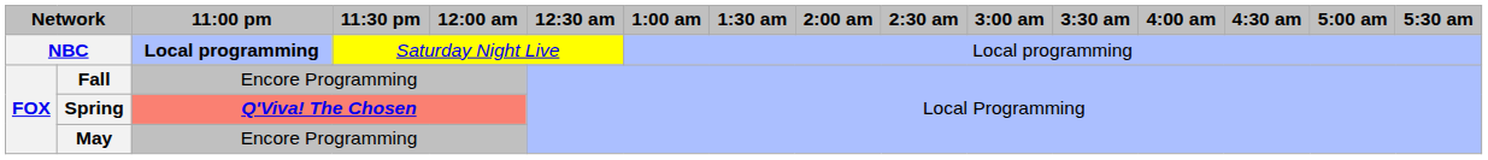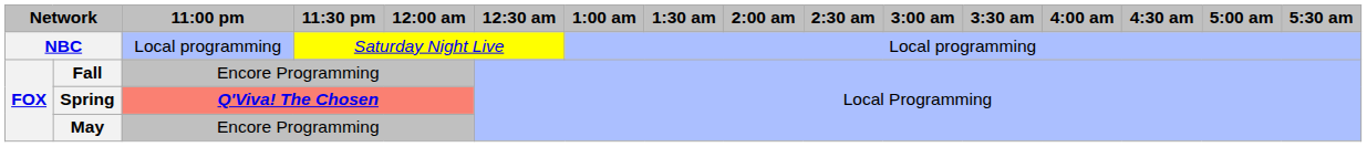 <table class="wikitable" style="width:100%;margin-right:0;text-align:center">
 <tr>
 <th style="background-color:#C0C0C0;text-align:center" colspan="2">Network</th>
 <th style="background-color:#C0C0C0;text-align:center">11:00 pm</th>
 <th style="background-color:#C0C0C0;text-align:center">11:30 pm</th>
 <th style="background-color:#C0C0C0;text-align:center">12:00 am</th>
 <th style="background-color:#C0C0C0;text-align:center">12:30 am</th>
 <th style="background-color:#C0C0C0;text-align:center">1:00 am</th>
 <th style="background-color:#C0C0C0;text-align:center">1:30 am</th>
 <th style="background-color:#C0C0C0;text-align:center">2:00 am</th>
 <th style="background-color:#C0C0C0;text-align:center">2:30 am</th>
 <th style="background-color:#C0C0C0;text-align:center">3:00 am</th>
 <th style="background-color:#C0C0C0;text-align:center">3:30 am</th>
 <th style="background-color:#C0C0C0;text-align:center">4:00 am</th>
 <th style="background-color:#C0C0C0;text-align:center">4:30 am</th>
 <th style="background-color:#C0C0C0;text-align:center">5:00 am</th>
 <th style="background-color:#C0C0C0;text-align:center">5:30 am</th>
 </tr>
 <tr>
 <th colspan="2"><a href='#'>NBC</a></th>
-<td style="background:#abbfff"><strong>Local programming</strong></td>
+<td style="background:#abbfff">Local programming</td>
 <td colspan="3" style="background:yellow"><em><a href='#'>Saturday Night Live</a></em></td>
 <td colspan="10" style="background:#abbfff">Local programming </td>
 </tr>
 <tr>
 <th rowspan="3"><a href='#'>FOX</a></th>
 <th>Fall</th>
 <td colspan="3" style="background:#C0C0C0">Encore Programming</td>
 <td colspan="11" rowspan ="3" style="background:#abbfff">Local Programming</td>
 </tr>
 <tr>
 <th>Spring</th>
 <td colspan="3" style="background:#FA8072"><strong><em><a href='#'>Q'Viva! The Chosen</a></em></strong></td>
 </tr>
 <tr>
 <th>May</th>
 <td colspan="3" style="background:#C0C0C0">Encore Programming</td>
 </tr>
 </table>
